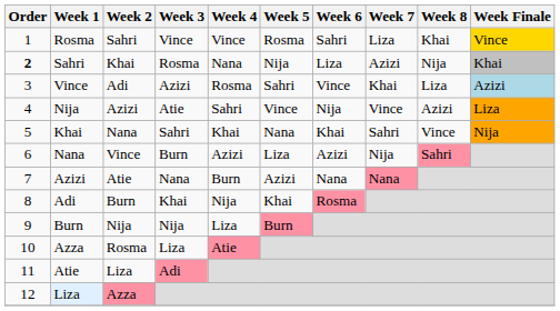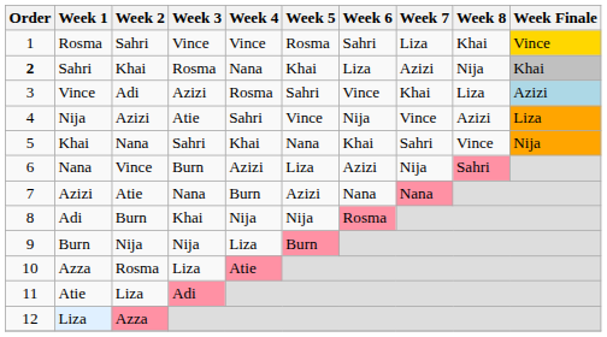 <table class="wikitable">
 <tr>
 <th>Order</th>
 <th>Week 1</th>
 <th>Week 2</th>
 <th>Week 3</th>
 <th>Week 4</th>
 <th>Week 5</th>
 <th>Week 6</th>
 <th>Week 7</th>
 <th>Week 8</th>
 <th>Week Finale</th>
 </tr>
 <tr>
 <td align="center">1</td>
 <td>Rosma</td>
 <td>Sahri</td>
 <td>Vince</td>
 <td>Vince</td>
 <td>Rosma</td>
 <td>Sahri</td>
 <td>Liza</td>
 <td>Khai</td>
 <td bgcolor="gold">Vince</td>
 </tr>
 <tr>
 <td align="center"><strong>2</strong></td>
 <td>Sahri</td>
 <td>Khai</td>
 <td>Rosma</td>
 <td>Nana</td>
-<td>Nija</td>
+<td>Khai</td>
 <td>Liza</td>
 <td>Azizi</td>
 <td>Nija</td>
 <td bgcolor="silver">Khai</td>
 </tr>
 <tr>
 <td align="center">3</td>
 <td>Vince</td>
 <td>Adi</td>
 <td>Azizi</td>
 <td>Rosma</td>
 <td>Sahri</td>
 <td>Vince</td>
 <td>Khai</td>
 <td>Liza</td>
 <td bgcolor="lightblue">Azizi</td>
 </tr>
 <tr>
 <td align="center">4</td>
 <td>Nija</td>
 <td>Azizi</td>
 <td>Atie</td>
 <td>Sahri</td>
 <td>Vince</td>
 <td>Nija</td>
 <td>Vince</td>
 <td>Azizi</td>
 <td bgcolor="orange">Liza</td>
 </tr>
 <tr>
 <td align="center">5</td>
 <td>Khai</td>
 <td>Nana</td>
 <td>Sahri</td>
 <td>Khai</td>
 <td>Nana</td>
 <td>Khai</td>
 <td>Sahri</td>
 <td>Vince</td>
 <td bgcolor="orange">Nija</td>
 </tr>
 <tr>
 <td align="center">6</td>
 <td>Nana</td>
 <td>Vince</td>
 <td>Burn</td>
 <td>Azizi</td>
 <td>Liza</td>
 <td>Azizi</td>
 <td>Nija</td>
 <td bgcolor="#FF91A4">Sahri</td>
 <td bgcolor="#DDDDDD" colspan="3"></td>
 </tr>
 <tr>
 <td align="center">7</td>
 <td>Azizi</td>
 <td>Atie</td>
 <td>Nana</td>
 <td>Burn</td>
 <td>Azizi</td>
 <td>Nana</td>
 <td bgcolor="#FF91A4">Nana</td>
 <td bgcolor="#DDDDDD" colspan="4"></td>
 </tr>
 <tr>
 <td align="center">8</td>
 <td>Adi</td>
 <td>Burn</td>
 <td>Khai</td>
 <td>Nija</td>
-<td>Khai</td>
+<td>Nija</td>
 <td bgcolor="#FF91A4">Rosma</td>
 <td bgcolor="#DDDDDD" colspan="5"></td>
 </tr>
 <tr>
 <td align="center">9</td>
 <td>Burn</td>
 <td>Nija</td>
 <td>Nija</td>
 <td>Liza</td>
 <td bgcolor="#FF91A4">Burn</td>
 <td bgcolor="#DDDDDD" colspan="6"></td>
 </tr>
 <tr>
 <td align="center">10</td>
 <td>Azza</td>
 <td>Rosma</td>
 <td>Liza</td>
 <td bgcolor="#FF91A4">Atie</td>
 <td bgcolor="#DDDDDD" colspan="7"></td>
 </tr>
 <tr>
 <td align="center">11</td>
 <td>Atie</td>
 <td>Liza</td>
 <td bgcolor="#FF91A4">Adi</td>
 <td bgcolor="#DDDDDD" colspan="8"></td>
 </tr>
 <tr>
 <td align="center">12</td>
 <td bgcolor="#e0f0ff">Liza</td>
 <td bgcolor="#FF91A4">Azza</td>
 <td bgcolor="#DDDDDD" colspan="9"></td>
 </tr>
 <tr>
 </tr>
 </table>
